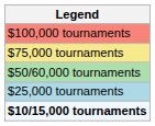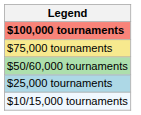 <table class="wikitable" style="font-size:85%;">
 <tr>
 <th>Legend</th>
 </tr>
 <tr style="background:#f88379;">
-<td>$100,000 tournaments</td>
+<td><strong>$100,000 tournaments</strong></td>
 </tr>
 <tr style="background:#f7e98e;">
 <td>$75,000 tournaments</td>
 </tr>
 <tr style="background:#addfad;">
 <td>$50/60,000 tournaments</td>
 </tr>
 <tr style="background:lightblue;">
 <td>$25,000 tournaments</td>
 </tr>
 <tr style="background:#f0f8ff;">
-<td><strong>$10/15,000 tournaments</strong></td>
+<td>$10/15,000 tournaments</td>
 </tr>
 </table>
